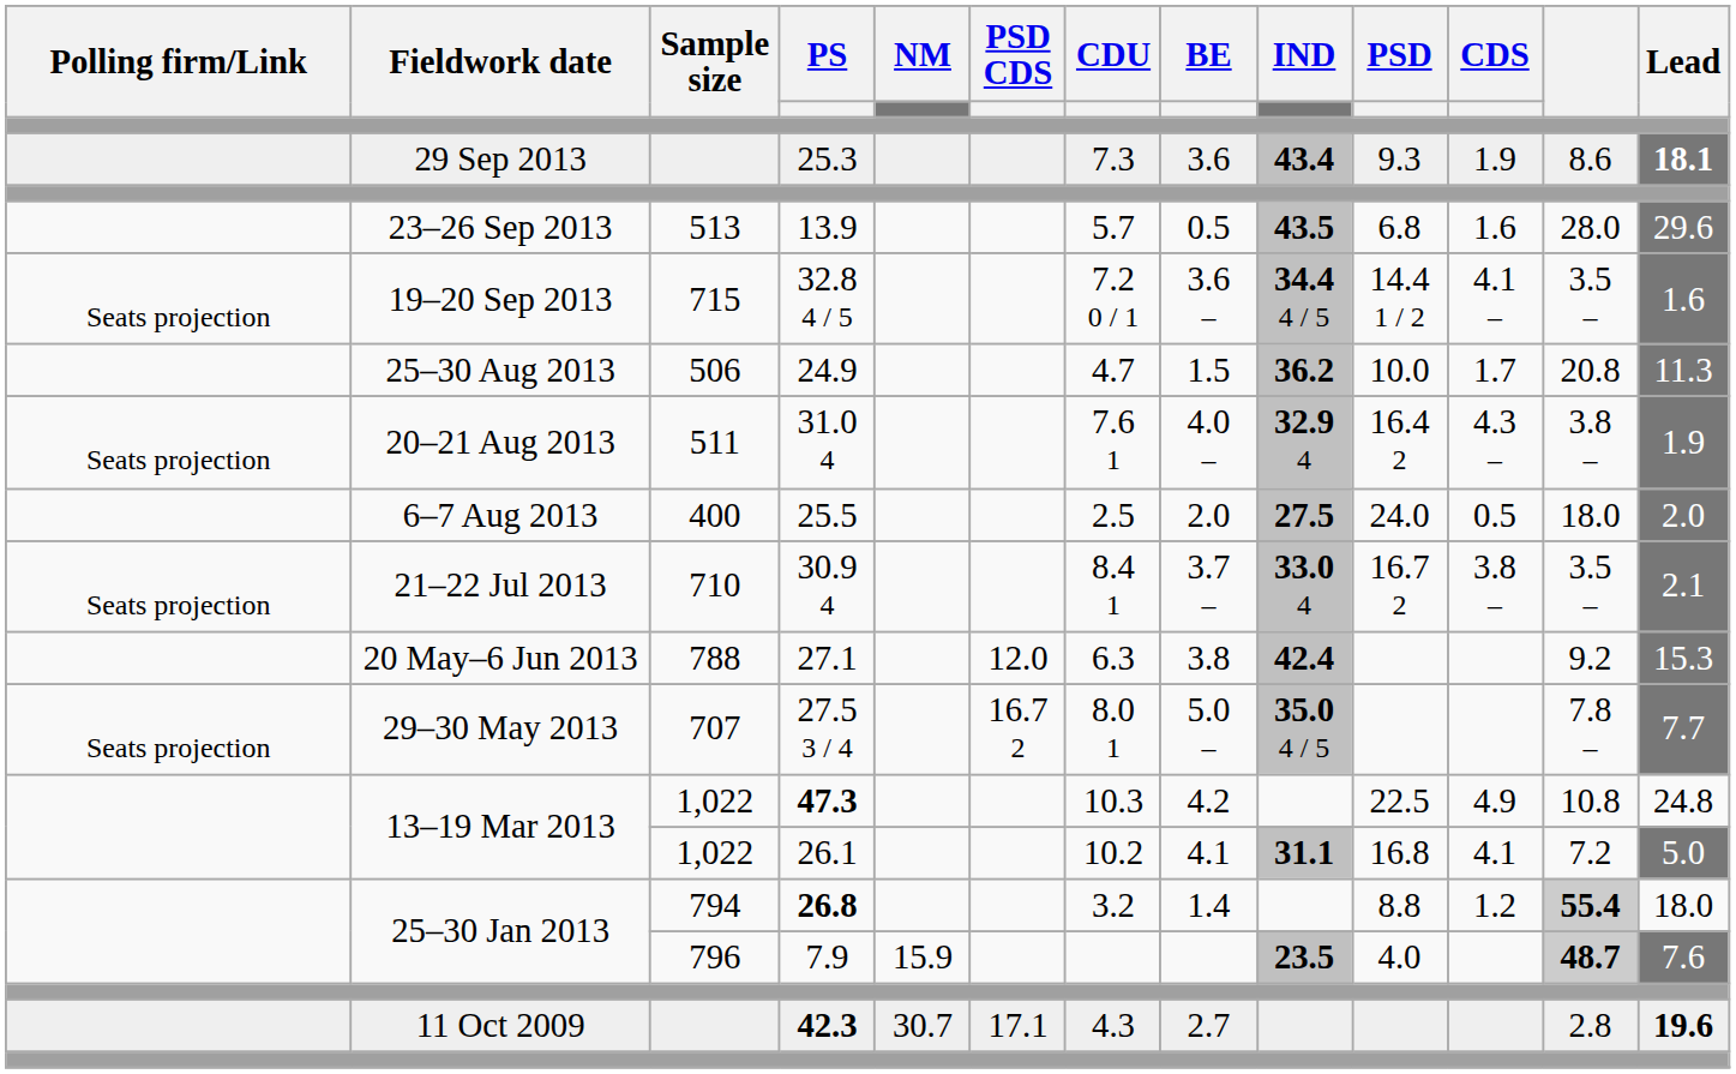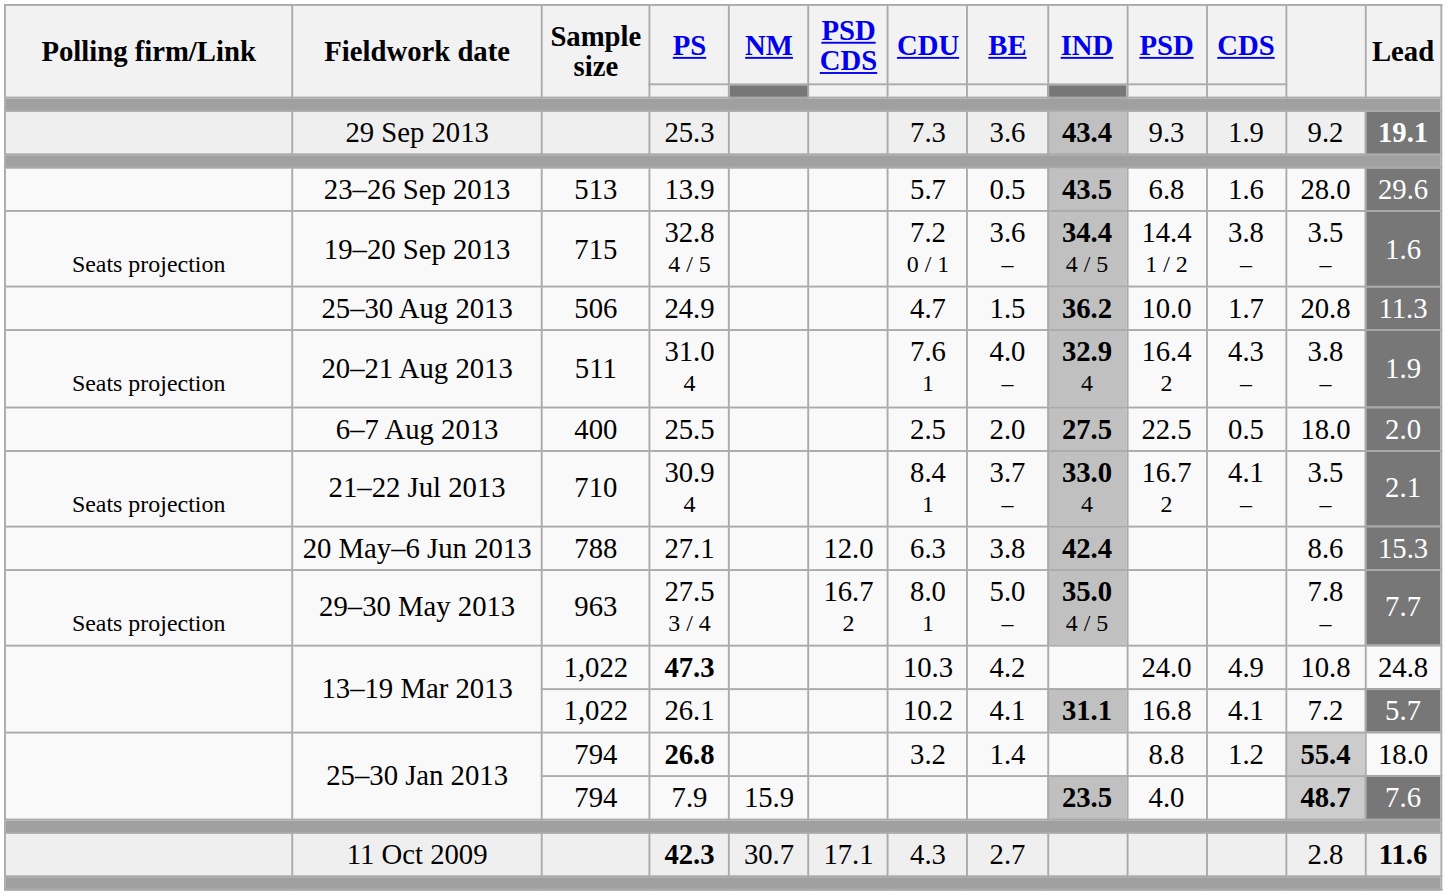 <table class="wikitable collapsible sortable" style="text-align:center; font-size:95%; line-height:16px;">
 <tr style="height:42px;">
 <th style="width:145px;" rowspan="2">Polling firm/Link</th>
 <th style="width:125px;" rowspan="2">Fieldwork date</th>
 <th class="unsortable" style="width:50px;" rowspan="2">Sample size</th>
 <th class="unsortable" style="width:35px;"><a href='#'>PS</a></th>
 <th class="unsortable" style="width:35px;"><a href='#'>NM</a></th>
 <th class="unsortable" style="width:35px;"><a href='#'>PSD</a><br><a href='#'>CDS</a></th>
 <th class="unsortable" style="width:35px;"><a href='#'>CDU</a></th>
 <th class="unsortable" style="width:35px;"><a href='#'>BE</a></th>
 <th class="unsortable" style="width:35px;"><a href='#'>IND</a></th>
 <th class="unsortable" style="width:35px;"><a href='#'>PSD</a></th>
 <th class="unsortable" style="width:35px;"><a href='#'>CDS</a></th>
 <th class="unsortable" style="width:35px;" rowspan="2"></th>
 <th class="unsortable" style="width:30px;" rowspan="2">Lead</th>
 </tr>
 <tr>
 <th class="unsortable" style="color:inherit;background:"></th>
 <th class="unsortable" style="color:inherit;background:#777777;"></th>
 <th class="unsortable" style="color:inherit;background:"></th>
 <th class="unsortable" style="color:inherit;background:"></th>
 <th class="unsortable" style="color:inherit;background:"></th>
 <th class="unsortable" style="color:inherit;background:#777777;"></th>
 <th class="unsortable" style="color:inherit;background:"></th>
 <th class="unsortable" style="color:inherit;background:"></th>
 </tr>
 <tr>
 <td colspan="13" style="background:#A0A0A0"></td>
 </tr>
 <tr style="background:#EFEFEF;">
 <td><strong></strong></td>
 <td data-sort-value="2019-10-06">29 Sep 2013</td>
 <td></td>
 <td>25.3<br></td>
 <td></td>
 <td></td>
 <td>7.3<br></td>
 <td>3.6<br></td>
 <td style="background:#C0C0C0"><strong>43.4</strong><br></td>
 <td>9.3<br></td>
 <td>1.9<br></td>
-<td align="center">8.6</td>
-<td style="background:#777777; color:white;"><strong>18.1</strong></td>
+<td>9.2<br></td>
+<td style="background:#777777; color:white;"><strong>19.1</strong></td>
 </tr>
 <tr>
 <td colspan="13" style="background:#A0A0A0"></td>
 </tr>
 <tr>
 <td align="center"></td>
 <td align="center">23–26 Sep 2013</td>
 <td>513</td>
 <td align="center">13.9</td>
 <td></td>
 <td></td>
 <td align="center">5.7</td>
 <td align="center">0.5</td>
 <td align="center" style="background:#C0C0C0"><strong>43.5</strong></td>
 <td align="center">6.8</td>
 <td align="center">1.6</td>
 <td align="center">28.0</td>
 <td style="background:#777777;; color:white;">29.6</td>
 </tr>
 <tr>
 <td align="center"><br><small>Seats projection</small></td>
 <td align="center">19–20 Sep 2013</td>
 <td>715</td>
 <td align="center">32.8<br><small>4 / 5 </small></td>
 <td></td>
 <td></td>
 <td align="center">7.2<br><small> 0 / 1  </small></td>
 <td align="center">3.6<br><small> –  </small></td>
 <td align="center" style="background:#C0C0C0"><strong>34.4</strong><br><small>4 / 5 </small></td>
 <td align="center">14.4<br><small>1 / 2 </small></td>
-<td align="center">4.1<br><small> –  </small></td>
+<td align="center">3.8<br><small> –  </small></td>
 <td align="center">3.5<br><small> –  </small></td>
 <td style="background:#777777;; color:white;">1.6</td>
 </tr>
 <tr>
 <td align="center"></td>
 <td align="center">25–30 Aug 2013</td>
 <td>506</td>
 <td align="center">24.9</td>
 <td></td>
 <td></td>
 <td align="center">4.7</td>
 <td align="center">1.5</td>
 <td align="center" style="background:#C0C0C0"><strong>36.2</strong></td>
 <td align="center">10.0</td>
 <td align="center">1.7</td>
 <td align="center">20.8</td>
 <td style="background:#777777;; color:white;">11.3</td>
 </tr>
 <tr>
 <td align="center"><br><small>Seats projection</small></td>
 <td align="center">20–21 Aug 2013</td>
 <td>511</td>
 <td align="center">31.0<br><small>4 </small></td>
 <td></td>
 <td></td>
 <td align="center">7.6<br><small> 1  </small></td>
 <td align="center">4.0<br><small> –  </small></td>
 <td align="center" style="background:#C0C0C0"><strong>32.9</strong><br><small>4 </small></td>
 <td align="center">16.4<br><small>2 </small></td>
 <td align="center">4.3<br><small> –  </small></td>
 <td align="center">3.8<br><small> –  </small></td>
 <td style="background:#777777;; color:white;">1.9</td>
 </tr>
 <tr>
 <td align="center"></td>
 <td align="center">6–7 Aug 2013</td>
 <td>400</td>
 <td align="center">25.5</td>
 <td></td>
 <td></td>
 <td align="center">2.5</td>
 <td align="center">2.0</td>
 <td align="center" style="background:#C0C0C0"><strong>27.5</strong></td>
-<td align="center">24.0</td>
+<td align="center">22.5</td>
 <td align="center">0.5</td>
 <td align="center">18.0</td>
 <td style="background:#777777;; color:white;">2.0</td>
 </tr>
 <tr>
 <td align="center"><br><small>Seats projection</small></td>
 <td align="center">21–22 Jul 2013</td>
 <td>710</td>
 <td align="center">30.9<br><small>4 </small></td>
 <td></td>
 <td></td>
 <td align="center">8.4<br><small> 1  </small></td>
 <td align="center">3.7<br><small> –  </small></td>
 <td align="center" style="background:#C0C0C0"><strong>33.0</strong><br><small>4 </small></td>
 <td align="center">16.7<br><small>2 </small></td>
-<td align="center">3.8<br><small> –  </small></td>
+<td align="center">4.1<br><small> –  </small></td>
 <td align="center">3.5<br><small> –  </small></td>
 <td style="background:#777777;; color:white;">2.1</td>
 </tr>
 <tr>
 <td align="center"></td>
 <td align="center">20 May–6 Jun 2013</td>
 <td>788</td>
 <td align="center">27.1</td>
 <td></td>
 <td align="center">12.0</td>
 <td align="center">6.3</td>
 <td align="center">3.8</td>
 <td align="center" style="background:#C0C0C0"><strong>42.4</strong></td>
 <td></td>
 <td></td>
-<td>9.2<br></td>
+<td align="center">8.6</td>
 <td style="background:#777777;; color:white;">15.3</td>
 </tr>
 <tr>
 <td align="center"><br><small>Seats projection</small></td>
 <td align="center">29–30 May 2013</td>
-<td>707</td>
+<td>963</td>
 <td align="center">27.5<br><small>3 / 4</small></td>
 <td></td>
 <td align="center">16.7<br><small>2 </small></td>
 <td align="center">8.0<br><small>1 </small></td>
 <td align="center">5.0<br><small> – </small></td>
 <td align="center" style="background:#C0C0C0"><strong>35.0</strong><br><small>4 / 5 </small></td>
 <td></td>
 <td></td>
 <td align="center">7.8<br><small> –  </small></td>
 <td style="background:#777777;; color:white;">7.7</td>
 </tr>
 <tr>
 <td rowspan="2" align="center"></td>
 <td rowspan="2" align="center">13–19 Mar 2013</td>
 <td>1,022</td>
 <td align="center" ><strong>47.3</strong></td>
 <td></td>
 <td></td>
 <td align="center">10.3</td>
 <td align="center">4.2</td>
 <td></td>
-<td align="center">22.5</td>
+<td align="center">24.0</td>
 <td align="center">4.9</td>
 <td align="center">10.8</td>
 <td style="background:">24.8</td>
 </tr>
 <tr>
 <td>1,022</td>
 <td align="center">26.1</td>
 <td></td>
 <td></td>
 <td align="center">10.2</td>
 <td align="center">4.1</td>
 <td align="center" style="background:#C0C0C0"><strong>31.1</strong></td>
 <td align="center">16.8</td>
 <td align="center">4.1</td>
 <td align="center">7.2</td>
-<td style="background:#777777;; color:white;">5.0</td>
+<td style="background:#777777;; color:white;">5.7</td>
 </tr>
 <tr>
 <td rowspan="2" align="center"></td>
 <td rowspan="2" align="center">25–30 Jan 2013</td>
 <td>794</td>
 <td align="center" ><strong>26.8</strong></td>
 <td></td>
 <td></td>
 <td align="center">3.2</td>
 <td align="center">1.4</td>
 <td></td>
 <td align="center">8.8</td>
 <td align="center">1.2</td>
 <td align="center" style="background:#cccccc"><strong>55.4</strong></td>
 <td style="background:">18.0</td>
 </tr>
 <tr>
-<td>796</td>
+<td>794</td>
 <td align="center">7.9</td>
 <td align="center">15.9</td>
 <td></td>
 <td></td>
 <td></td>
 <td align="center" style="background:#C0C0C0"><strong>23.5</strong></td>
 <td align="center">4.0</td>
 <td></td>
 <td align="center" style="background:#cccccc"><strong>48.7</strong></td>
 <td style="background:#777777;; color:white;">7.6</td>
 </tr>
 <tr>
 <td colspan="13" style="background:#A0A0A0"></td>
 </tr>
 <tr style="background:#EFEFEF;">
 <td><strong></strong></td>
 <td data-sort-value="2019-10-06">11 Oct 2009</td>
 <td></td>
 <td><strong>42.3</strong><br></td>
 <td>30.7<br></td>
 <td>17.1<br></td>
 <td>4.3<br></td>
 <td>2.7<br></td>
 <td></td>
 <td></td>
 <td></td>
 <td>2.8<br></td>
-<td style="background:"><strong>19.6</strong></td>
+<td style="background:"><strong>11.6</strong></td>
 </tr>
 <tr>
 <td colspan="13" style="background:#A0A0A0"></td>
 </tr>
 <tr>
 </tr>
 </table>
